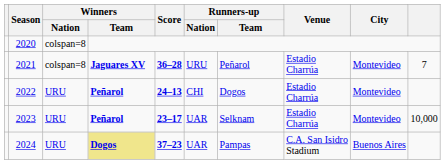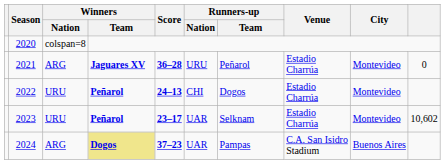 <table class="wikitable plainrowheaders sortable">
 <tr>
 <th scope="col" rowspan="2"></th>
 <th scope="col" rowspan="2">Season</th>
 <th scope="col" colspan="2">Winners</th>
 <th scope="col" rowspan="2">Score</th>
 <th scope="col" colspan="2">Runners-up</th>
 <th scope="col" rowspan="2" width=100px>Venue</th>
 <th scope="col" rowspan="2">City</th>
 <th scope="col" rowspan="2"></th>
 </tr>
 <tr>
 <th scope="col">Nation</th>
 <th scope="col" width=100px>Team</th>
 <th scope="col">Nation</th>
 <th scope="col" width=100px>Team</th>
 </tr>
 <tr>
 <td></td>
 <td scope="row" style="text-align:center"><a href='#'>2020</a></td>
 <td>colspan=8 </td>
 </tr>
 <tr>
 <td></td>
 <td scope="row" style="text-align:center"><a href='#'>2021</a></td>
-<td>colspan=8 </td>
+<td> <a href='#'>ARG</a></td>
 <td><strong><a href='#'>Jaguares XV</a></strong></td>
 <td align=center><strong><a href='#'>36–28</a></strong></td>
 <td> <a href='#'>URU</a></td>
 <td><a href='#'>Peñarol</a></td>
 <td><a href='#'>Estadio Charrúa</a></td>
 <td><a href='#'>Montevideo</a></td>
-<td align=center>7</td>
+<td align=center>0</td>
 </tr>
 <tr>
 <td></td>
 <td scope="row" style="text-align:center"><a href='#'>2022</a></td>
 <td> <a href='#'>URU</a></td>
 <td><strong><a href='#'>Peñarol</a></strong></td>
 <td align=center><strong><a href='#'>24–13</a></strong></td>
 <td> <a href='#'>CHI</a></td>
 <td><a href='#'>Dogos</a></td>
 <td><a href='#'>Estadio Charrúa</a></td>
 <td><a href='#'>Montevideo</a></td>
 <td></td>
 </tr>
 <tr>
 <td></td>
 <td scope="row" style="text-align:center"><a href='#'>2023</a></td>
 <td> <a href='#'>URU</a></td>
 <td><strong><a href='#'>Peñarol</a></strong></td>
 <td align=center><strong><a href='#'>23–17</a></strong></td>
 <td> <a href='#'>UAR</a></td>
 <td><a href='#'>Selknam</a></td>
 <td><a href='#'>Estadio Charrúa</a></td>
 <td><a href='#'>Montevideo</a></td>
-<td>10,000</td>
+<td>10,602</td>
 </tr>
 <tr>
 <td></td>
 <td scope="row" style="text-align:center"><a href='#'>2024</a></td>
-<td> <a href='#'>URU</a></td>
+<td> <a href='#'>ARG</a></td>
 <td style="background: khaki;"><strong><a href='#'>Dogos</a></strong></td>
 <td align=center><strong><a href='#'>37–23</a></strong></td>
 <td> <a href='#'>UAR</a></td>
 <td><a href='#'>Pampas</a></td>
 <td><a href='#'>C.A. San Isidro</a> Stadium</td>
 <td><a href='#'>Buenos Aires</a></td>
 <td></td>
 </tr>
 </table>
